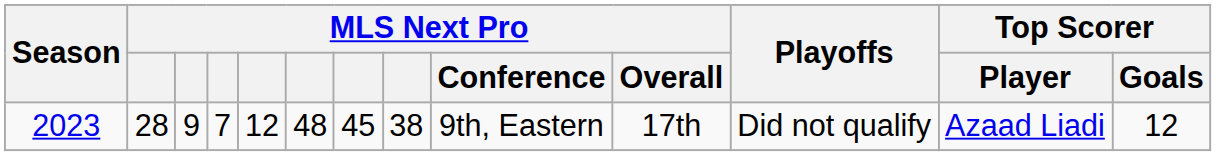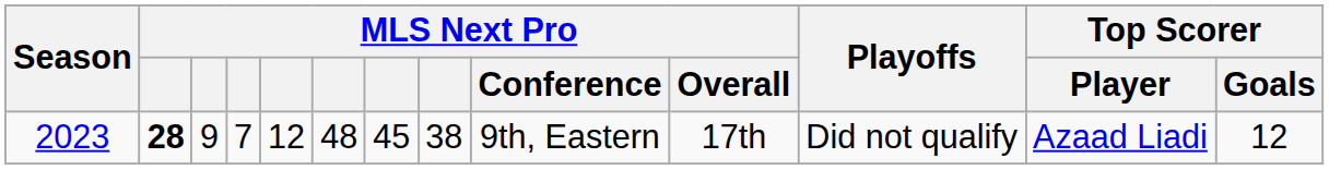 <table class="wikitable" style="text-align: center">
 <tr>
 <th scope="col" rowspan="2">Season</th>
 <th colspan=9 class="unsortable"><a href='#'>MLS Next Pro</a></th>
 <th scope="col" rowspan=2 class="unsortable"><strong>Playoffs</strong></th>
 <th scope="col" colspan=3 class="unsortable">Top Scorer</th>
 </tr>
 <tr>
 <th></th>
 <th></th>
 <th></th>
 <th></th>
 <th></th>
 <th></th>
 <th></th>
 <th>Conference</th>
 <th>Overall</th>
 <th class="unsortable">Player</th>
 <th class="unsortable">Goals</th>
 </tr>
 <tr>
 <td><a href='#'>2023</a></td>
-<td>28</td>
+<td><strong>28</strong></td>
 <td>9</td>
 <td>7</td>
 <td>12</td>
 <td>48</td>
 <td>45</td>
 <td>38</td>
 <td>9th, Eastern</td>
 <td>17th</td>
 <td>Did not qualify</td>
 <td> <a href='#'>Azaad Liadi</a></td>
 <td>12</td>
 </tr>
 </table>
